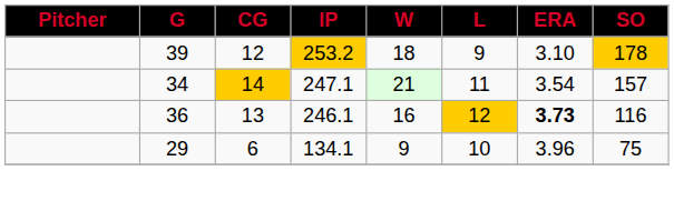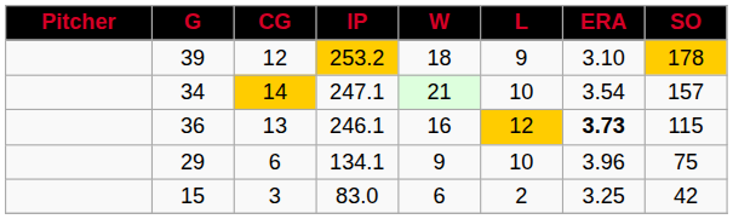 <table class="wikitable sortable">
 <tr>
 <th style="background:black;color:#d40026;" width="16%">Pitcher</th>
 <th style="background:black;color:#d40026;" width="9%">G</th>
 <th style="background:black;color:#d40026;" width="9%">CG</th>
 <th style="background:black;color:#d40026;" width="9%">IP</th>
 <th style="background:black;color:#d40026;" width="9%">W</th>
 <th style="background:black;color:#d40026;" width="9%">L</th>
 <th style="background:black;color:#d40026;" width="9%">ERA</th>
 <th style="background:black;color:#d40026;" width="9%">SO</th>
 </tr>
 <tr align="center">
 <td></td>
 <td>39</td>
 <td>12</td>
 <td style="background:#fc0;">253.2</td>
 <td>18</td>
 <td>9</td>
 <td>3.10</td>
 <td style="background:#fc0;">178</td>
 </tr>
 <tr align=center>
 <td></td>
 <td>34</td>
 <td style="background:#fc0;">14</td>
 <td>247.1</td>
 <td style="background:#DDFFDD;">21</td>
-<td>11</td>
+<td>10</td>
 <td>3.54</td>
 <td>157</td>
 </tr>
 <tr align="center">
 <td></td>
 <td>36</td>
 <td>13</td>
 <td>246.1</td>
 <td>16</td>
 <td style="background:#fc0;">12</td>
 <td><strong>3.73</strong></td>
-<td>116</td>
+<td>115</td>
 </tr>
 <tr align="center">
 <td></td>
 <td>29</td>
 <td>6</td>
 <td>134.1</td>
 <td>9</td>
 <td>10</td>
 <td>3.96</td>
 <td>75</td>
 </tr>
 <tr align="center">
+<td></td>
+<td>15</td>
+<td>3</td>
+<td>83.0</td>
+<td>6</td>
+<td>2</td>
+<td>3.25</td>
+<td>42</td>
+</tr>
+<tr align="center">
 </tr>
 </table>
